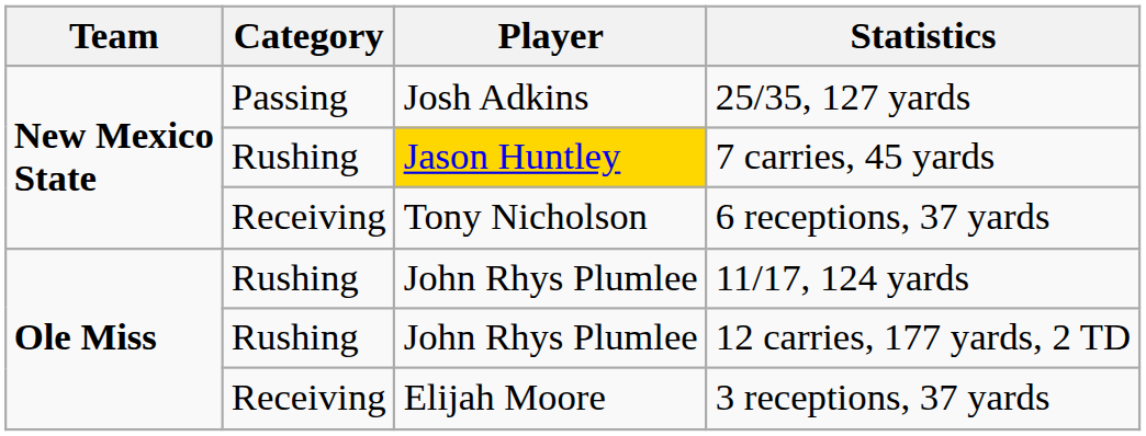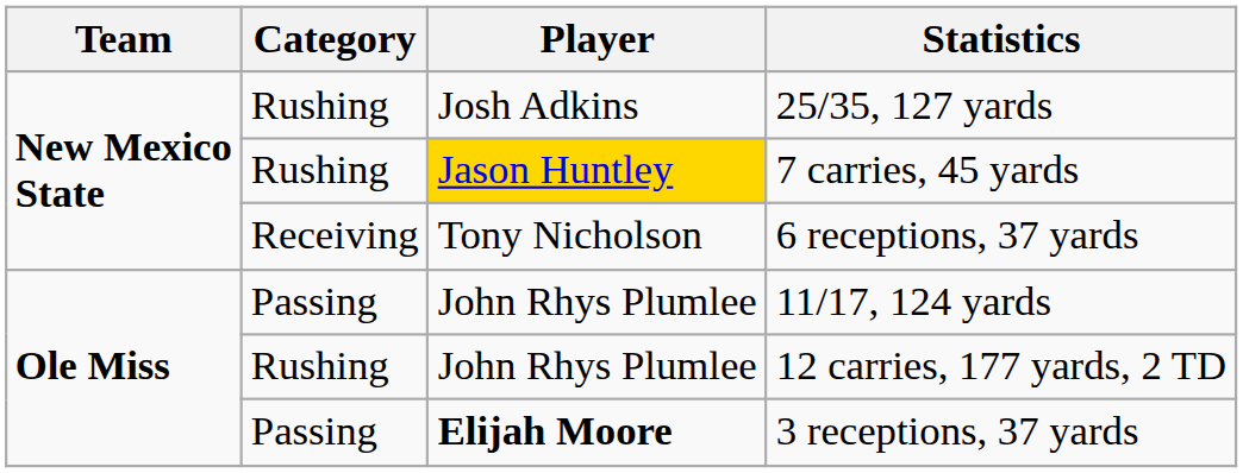 <table class="wikitable" style="float: right;">
 <tr>
 <th>Team</th>
 <th>Category</th>
 <th>Player</th>
 <th>Statistics</th>
 </tr>
 <tr>
 <td rowspan=3><strong>New Mexico<br>State<br></strong></td>
-<td>Passing</td>
+<td>Rushing</td>
 <td>Josh Adkins</td>
 <td>25/35, 127 yards</td>
 </tr>
 <tr>
 <td>Rushing</td>
 <td style="background: gold;"><a href='#'>Jason Huntley</a></td>
 <td>7 carries, 45 yards</td>
 </tr>
 <tr>
 <td>Receiving</td>
 <td>Tony Nicholson</td>
 <td>6 receptions, 37 yards</td>
 </tr>
 <tr>
 <td rowspan=3><strong>Ole Miss</strong></td>
-<td>Rushing</td>
+<td>Passing</td>
 <td>John Rhys Plumlee</td>
 <td>11/17, 124 yards</td>
 </tr>
 <tr>
 <td>Rushing</td>
 <td>John Rhys Plumlee</td>
 <td>12 carries, 177 yards, 2 TD</td>
 </tr>
 <tr>
-<td>Receiving</td>
-<td>Elijah Moore</td>
+<td>Passing</td>
+<td><strong>Elijah Moore</strong></td>
 <td>3 receptions, 37 yards</td>
 </tr>
 </table>
